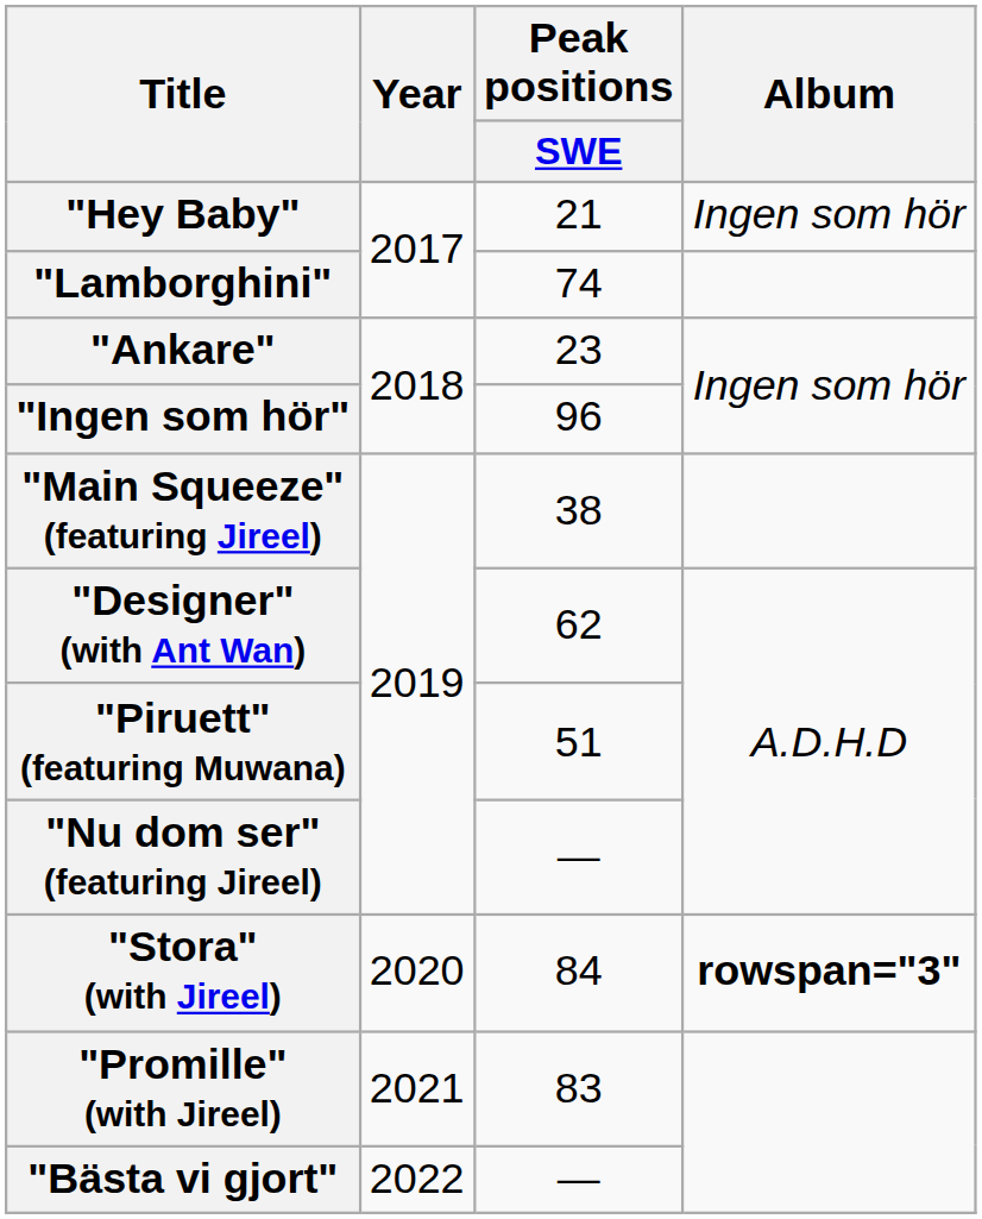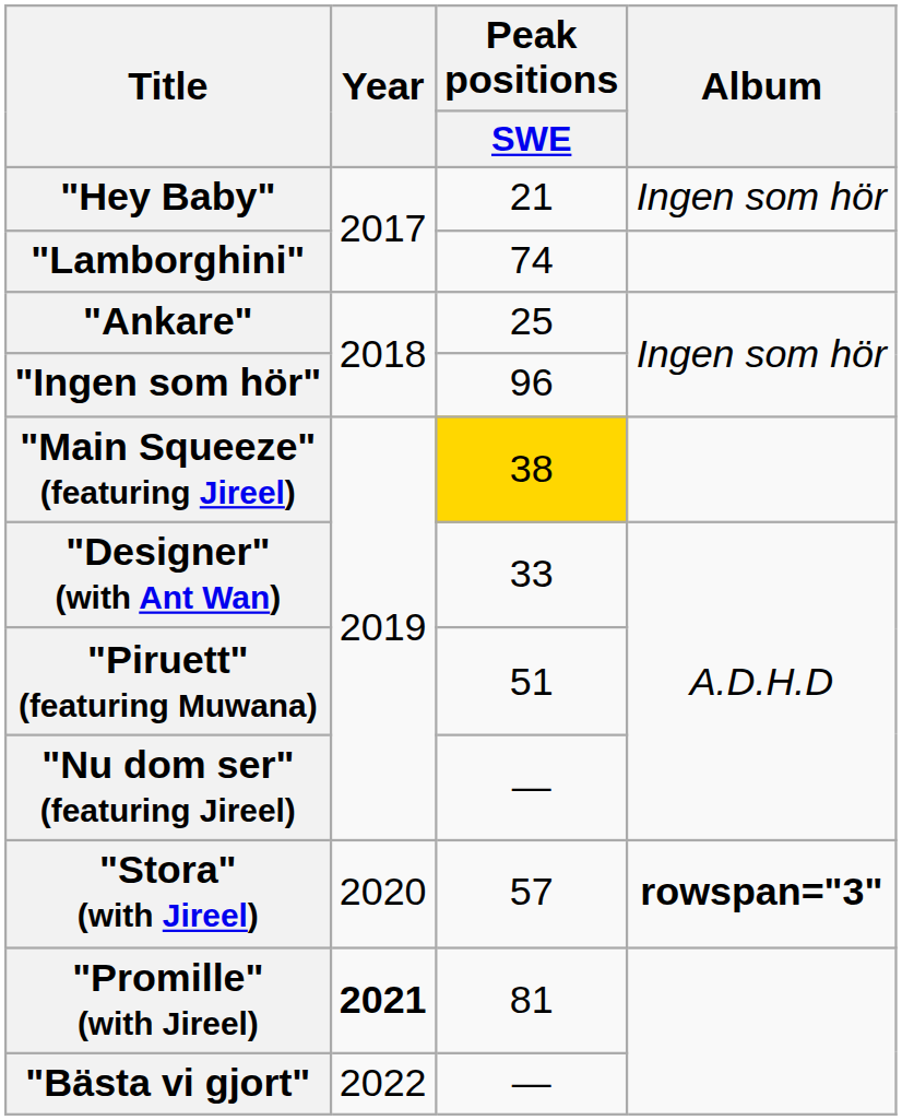 <table class="wikitable plainrowheaders" style="text-align:center">
 <tr>
 <th scope="col" rowspan="2">Title</th>
 <th scope="col" rowspan="2">Year</th>
 <th scope="col" colspan="1">Peak positions</th>
 <th scope="col" rowspan="2">Album</th>
 </tr>
 <tr>
 <th scope="col" style="width:3em;font-size:90%;"><a href='#'>SWE</a><br></th>
 </tr>
 <tr>
 <th scope="row">"Hey Baby"</th>
 <td rowspan=2>2017</td>
 <td>21</td>
 <td><em>Ingen som hör</em></td>
 </tr>
 <tr>
 <th scope="row">"Lamborghini"</th>
 <td>74</td>
 <td></td>
 </tr>
 <tr>
 <th scope="row">"Ankare"</th>
 <td rowspan=2>2018</td>
-<td>23</td>
+<td>25</td>
 <td rowspan="2"><em>Ingen som hör</em></td>
 </tr>
 <tr>
 <th scope="row">"Ingen som hör"</th>
 <td>96</td>
 </tr>
 <tr>
 <th scope="row">"Main Squeeze"<br><small>(featuring <a href='#'>Jireel</a>)</small></th>
 <td rowspan="4">2019</td>
-<td>38</td>
+<td style="background: gold;">38</td>
 <td></td>
 </tr>
 <tr>
 <th scope="row">"Designer"<br><small>(with <a href='#'>Ant Wan</a>)</small></th>
-<td>62<br></td>
+<td>33<br></td>
 <td rowspan="3"><em>A.D.H.D</em></td>
 </tr>
 <tr>
 <th scope="row">"Piruett"<br><small>(featuring Muwana)</small></th>
 <td>51<br></td>
 </tr>
 <tr>
 <th scope="row">"Nu dom ser"<br><small>(featuring Jireel)</small></th>
 <td>—</td>
 </tr>
 <tr>
 <th scope="row">"Stora"<br><small>(with <a href='#'>Jireel</a>)</small></th>
 <td>2020</td>
-<td>84<br></td>
+<td>57<br></td>
 <td><strong>rowspan="3" </strong></td>
 </tr>
 <tr>
 <th scope="row">"Promille"<br><small>(with Jireel)</small></th>
-<td>2021</td>
-<td>83<br></td>
+<td><strong>2021</strong></td>
+<td>81<br></td>
 </tr>
 <tr>
 <th scope="row">"Bästa vi gjort"<br></th>
 <td>2022</td>
 <td>—</td>
 </tr>
 </table>
